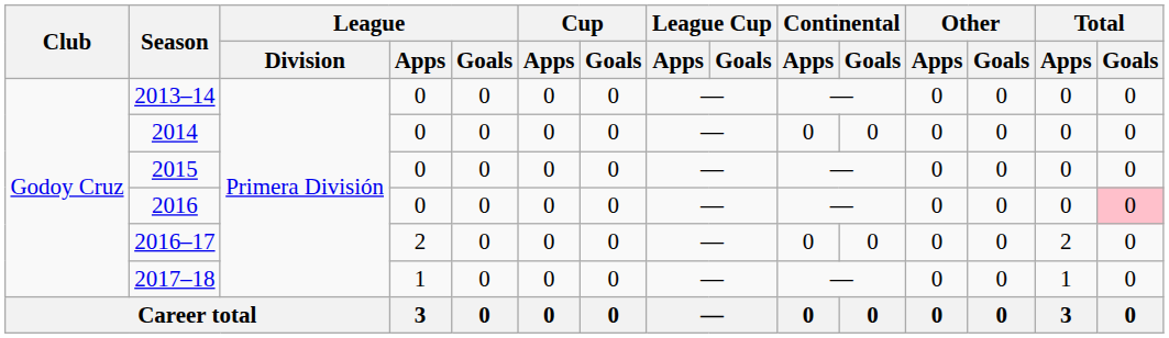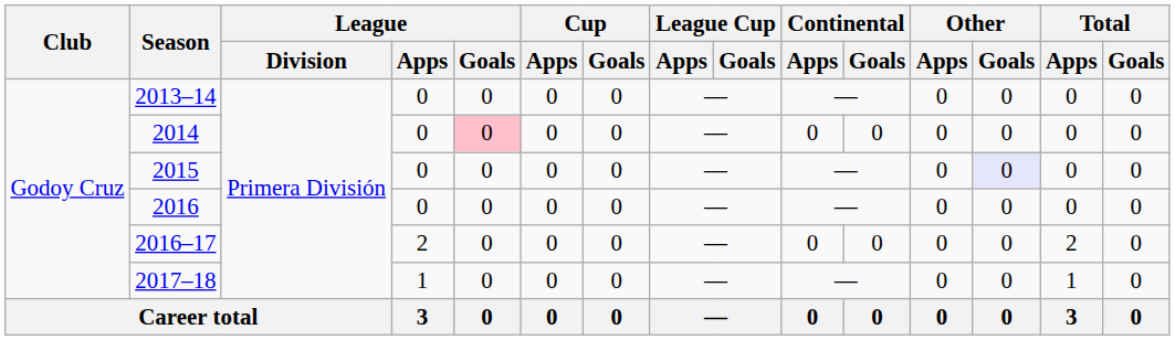 <table class="wikitable" style="text-align:center">
 <tr>
 <th rowspan="2">Club</th>
 <th rowspan="2">Season</th>
 <th colspan="3">League</th>
 <th colspan="2">Cup</th>
 <th colspan="2">League Cup</th>
 <th colspan="2">Continental</th>
 <th colspan="2">Other</th>
 <th colspan="2">Total</th>
 </tr>
 <tr>
 <th>Division</th>
 <th>Apps</th>
 <th>Goals</th>
 <th>Apps</th>
 <th>Goals</th>
 <th>Apps</th>
 <th>Goals</th>
 <th>Apps</th>
 <th>Goals</th>
 <th>Apps</th>
 <th>Goals</th>
 <th>Apps</th>
 <th>Goals</th>
 </tr>
 <tr>
 <td rowspan="6"><a href='#'>Godoy Cruz</a></td>
 <td><a href='#'>2013–14</a></td>
 <td rowspan="6"><a href='#'>Primera División</a></td>
 <td>0</td>
 <td>0</td>
 <td>0</td>
 <td>0</td>
 <td colspan="2">—</td>
 <td colspan="2">—</td>
 <td>0</td>
 <td>0</td>
 <td>0</td>
 <td>0</td>
 </tr>
 <tr>
 <td><a href='#'>2014</a></td>
 <td>0</td>
-<td>0</td>
+<td style="background: pink;">0</td>
 <td>0</td>
 <td>0</td>
 <td colspan="2">—</td>
 <td>0</td>
 <td>0</td>
 <td>0</td>
 <td>0</td>
 <td>0</td>
 <td>0</td>
 </tr>
 <tr>
 <td><a href='#'>2015</a></td>
 <td>0</td>
 <td>0</td>
 <td>0</td>
 <td>0</td>
 <td colspan="2">—</td>
 <td colspan="2">—</td>
 <td>0</td>
-<td>0</td>
+<td style="background: lavender;">0</td>
 <td>0</td>
 <td>0</td>
 </tr>
 <tr>
 <td><a href='#'>2016</a></td>
 <td>0</td>
 <td>0</td>
 <td>0</td>
 <td>0</td>
 <td colspan="2">—</td>
 <td colspan="2">—</td>
 <td>0</td>
 <td>0</td>
 <td>0</td>
-<td style="background: pink;">0</td>
+<td>0</td>
 </tr>
 <tr>
 <td><a href='#'>2016–17</a></td>
 <td>2</td>
 <td>0</td>
 <td>0</td>
 <td>0</td>
 <td colspan="2">—</td>
 <td>0</td>
 <td>0</td>
 <td>0</td>
 <td>0</td>
 <td>2</td>
 <td>0</td>
 </tr>
 <tr>
 <td><a href='#'>2017–18</a></td>
 <td>1</td>
 <td>0</td>
 <td>0</td>
 <td>0</td>
 <td colspan="2">—</td>
 <td colspan="2">—</td>
 <td>0</td>
 <td>0</td>
 <td>1</td>
 <td>0</td>
 </tr>
 <tr>
 <th colspan="3">Career total</th>
 <th>3</th>
 <th>0</th>
 <th>0</th>
 <th>0</th>
 <th colspan="2">—</th>
 <th>0</th>
 <th>0</th>
 <th>0</th>
 <th>0</th>
 <th>3</th>
 <th>0</th>
 </tr>
 </table>
